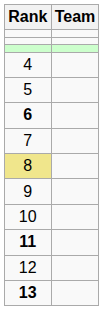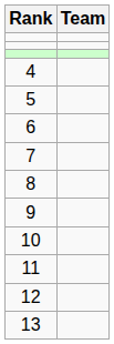 <table class="wikitable">
 <tr>
 <th>Rank</th>
 <th>Team</th>
 </tr>
 <tr>
 <td align=center></td>
 <td></td>
 </tr>
 <tr>
 <td align=center></td>
 <td></td>
 </tr>
 <tr bgcolor=#ccffcc>
 <td align=center></td>
 <td></td>
 </tr>
 <tr>
 <td align=center>4</td>
 <td></td>
 </tr>
 <tr>
 <td align=center>5</td>
 <td></td>
 </tr>
 <tr>
-<td align=center><strong>6</strong></td>
+<td align=center>6</td>
 <td></td>
 </tr>
 <tr>
 <td align=center>7</td>
 <td></td>
 </tr>
 <tr>
-<td align=center style="background: khaki;">8</td>
+<td align=center>8</td>
 <td></td>
 </tr>
 <tr>
 <td align=center>9</td>
 <td></td>
 </tr>
 <tr>
 <td align=center>10</td>
 <td></td>
 </tr>
 <tr>
-<td align=center><strong>11</strong></td>
+<td align=center>11</td>
 <td></td>
 </tr>
 <tr>
 <td align=center>12</td>
 <td></td>
 </tr>
 <tr>
-<td align=center><strong>13</strong></td>
+<td align=center>13</td>
 <td></td>
 </tr>
 </table>
